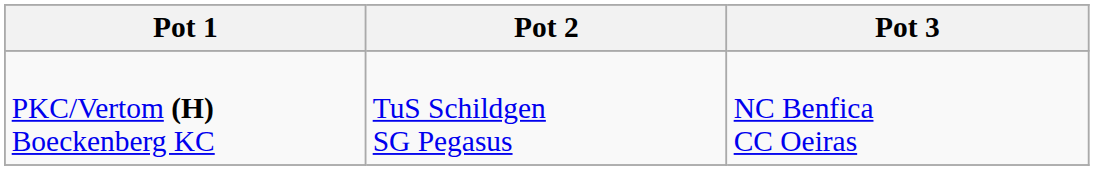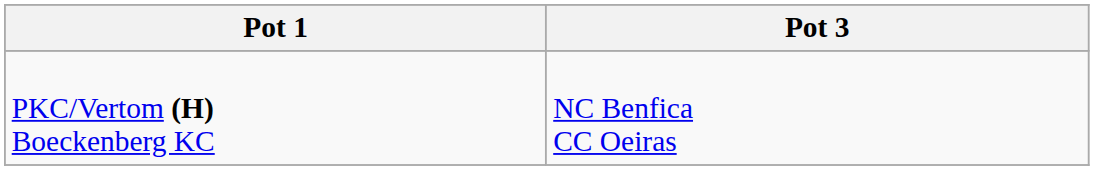 <table class="wikitable collapsible">
 <tr>
 <th width=20%>Pot 1</th>
-<th width=20%>Pot 2</th>
 <th width=20%>Pot 3</th>
 </tr>
 <tr>
 <td><br> <a href='#'>PKC/Vertom</a> <strong>(H)</strong><br>  <a href='#'>Boeckenberg KC</a></td>
-<td><br> <a href='#'>TuS Schildgen</a><br>  <a href='#'>SG Pegasus</a><br></td>
 <td><br> <a href='#'>NC Benfica</a><br>  <a href='#'>CC Oeiras</a></td>
 </tr>
 </table>
